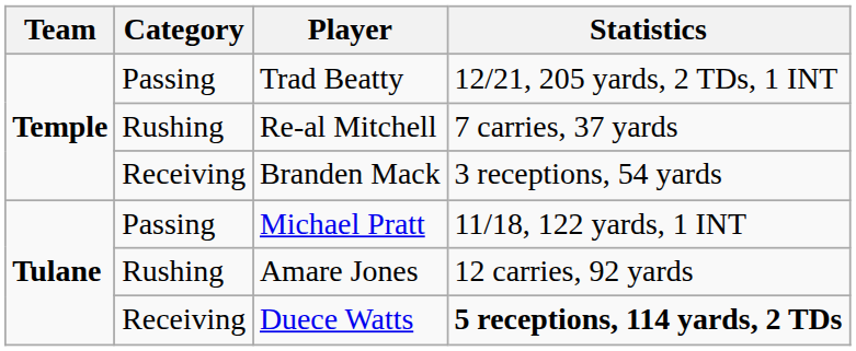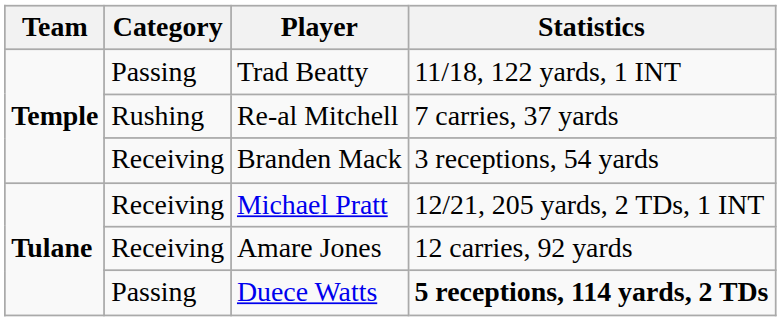 <table class="wikitable" style="float: left;">
 <tr>
 <th>Team</th>
 <th>Category</th>
 <th>Player</th>
 <th>Statistics</th>
 </tr>
 <tr>
 <td rowspan=3><strong>Temple</strong></td>
 <td>Passing</td>
 <td>Trad Beatty</td>
-<td>12/21, 205 yards, 2 TDs, 1 INT</td>
+<td>11/18, 122 yards, 1 INT</td>
 </tr>
 <tr>
 <td>Rushing</td>
 <td>Re-al Mitchell</td>
 <td>7 carries, 37 yards</td>
 </tr>
 <tr>
 <td>Receiving</td>
 <td>Branden Mack</td>
 <td>3 receptions, 54 yards</td>
 </tr>
 <tr>
 <td rowspan=3><strong>Tulane</strong></td>
-<td>Passing</td>
+<td>Receiving</td>
 <td><a href='#'>Michael Pratt</a></td>
-<td>11/18, 122 yards, 1 INT</td>
+<td>12/21, 205 yards, 2 TDs, 1 INT</td>
 </tr>
 <tr>
-<td>Rushing</td>
+<td>Receiving</td>
 <td>Amare Jones</td>
 <td>12 carries, 92 yards</td>
 </tr>
 <tr>
-<td>Receiving</td>
+<td>Passing</td>
 <td><a href='#'>Duece Watts</a></td>
 <td><strong>5 receptions, 114 yards, 2 TDs</strong></td>
 </tr>
 </table>
